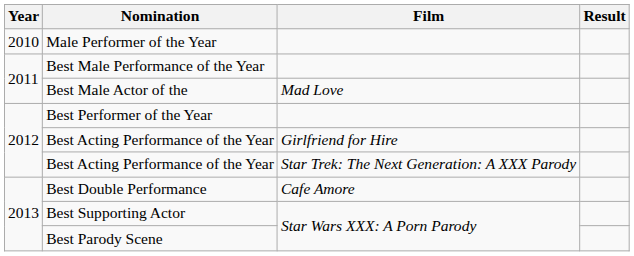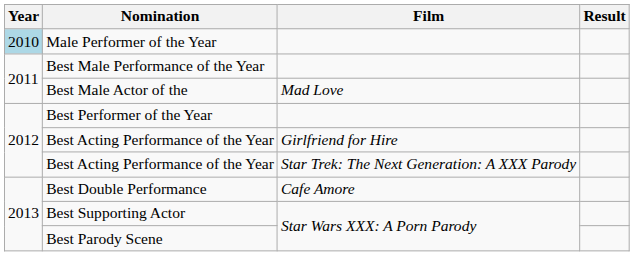 <table class="wikitable">
 <tr>
 <th>Year</th>
 <th>Nomination</th>
 <th>Film</th>
 <th>Result</th>
 </tr>
 <tr>
-<td>2010</td>
+<td style="background: lightblue;">2010</td>
 <td>Male Performer of the Year</td>
 <td></td>
 <td></td>
 </tr>
 <tr>
 <td rowspan="2">2011</td>
 <td>Best Male Performance of the Year</td>
 <td></td>
 <td></td>
 </tr>
 <tr>
 <td>Best Male Actor of the</td>
 <td><em>Mad Love</em></td>
 <td></td>
 </tr>
 <tr>
 <td rowspan="3">2012</td>
 <td>Best Performer of the Year</td>
 <td></td>
 <td></td>
 </tr>
 <tr>
 <td>Best Acting Performance of the Year</td>
 <td><em>Girlfriend for Hire</em></td>
 <td></td>
 </tr>
 <tr>
 <td>Best Acting Performance of the Year</td>
 <td><em>Star Trek: The Next Generation: A XXX Parody</em></td>
 <td></td>
 </tr>
 <tr>
 <td rowspan="3">2013</td>
 <td>Best Double Performance</td>
 <td><em>Cafe Amore</em></td>
 <td></td>
 </tr>
 <tr>
 <td>Best Supporting Actor</td>
 <td rowspan="2"><em>Star Wars XXX: A Porn Parody</em></td>
 <td></td>
 </tr>
 <tr>
 <td>Best Parody Scene</td>
 <td></td>
 </tr>
 </table>
